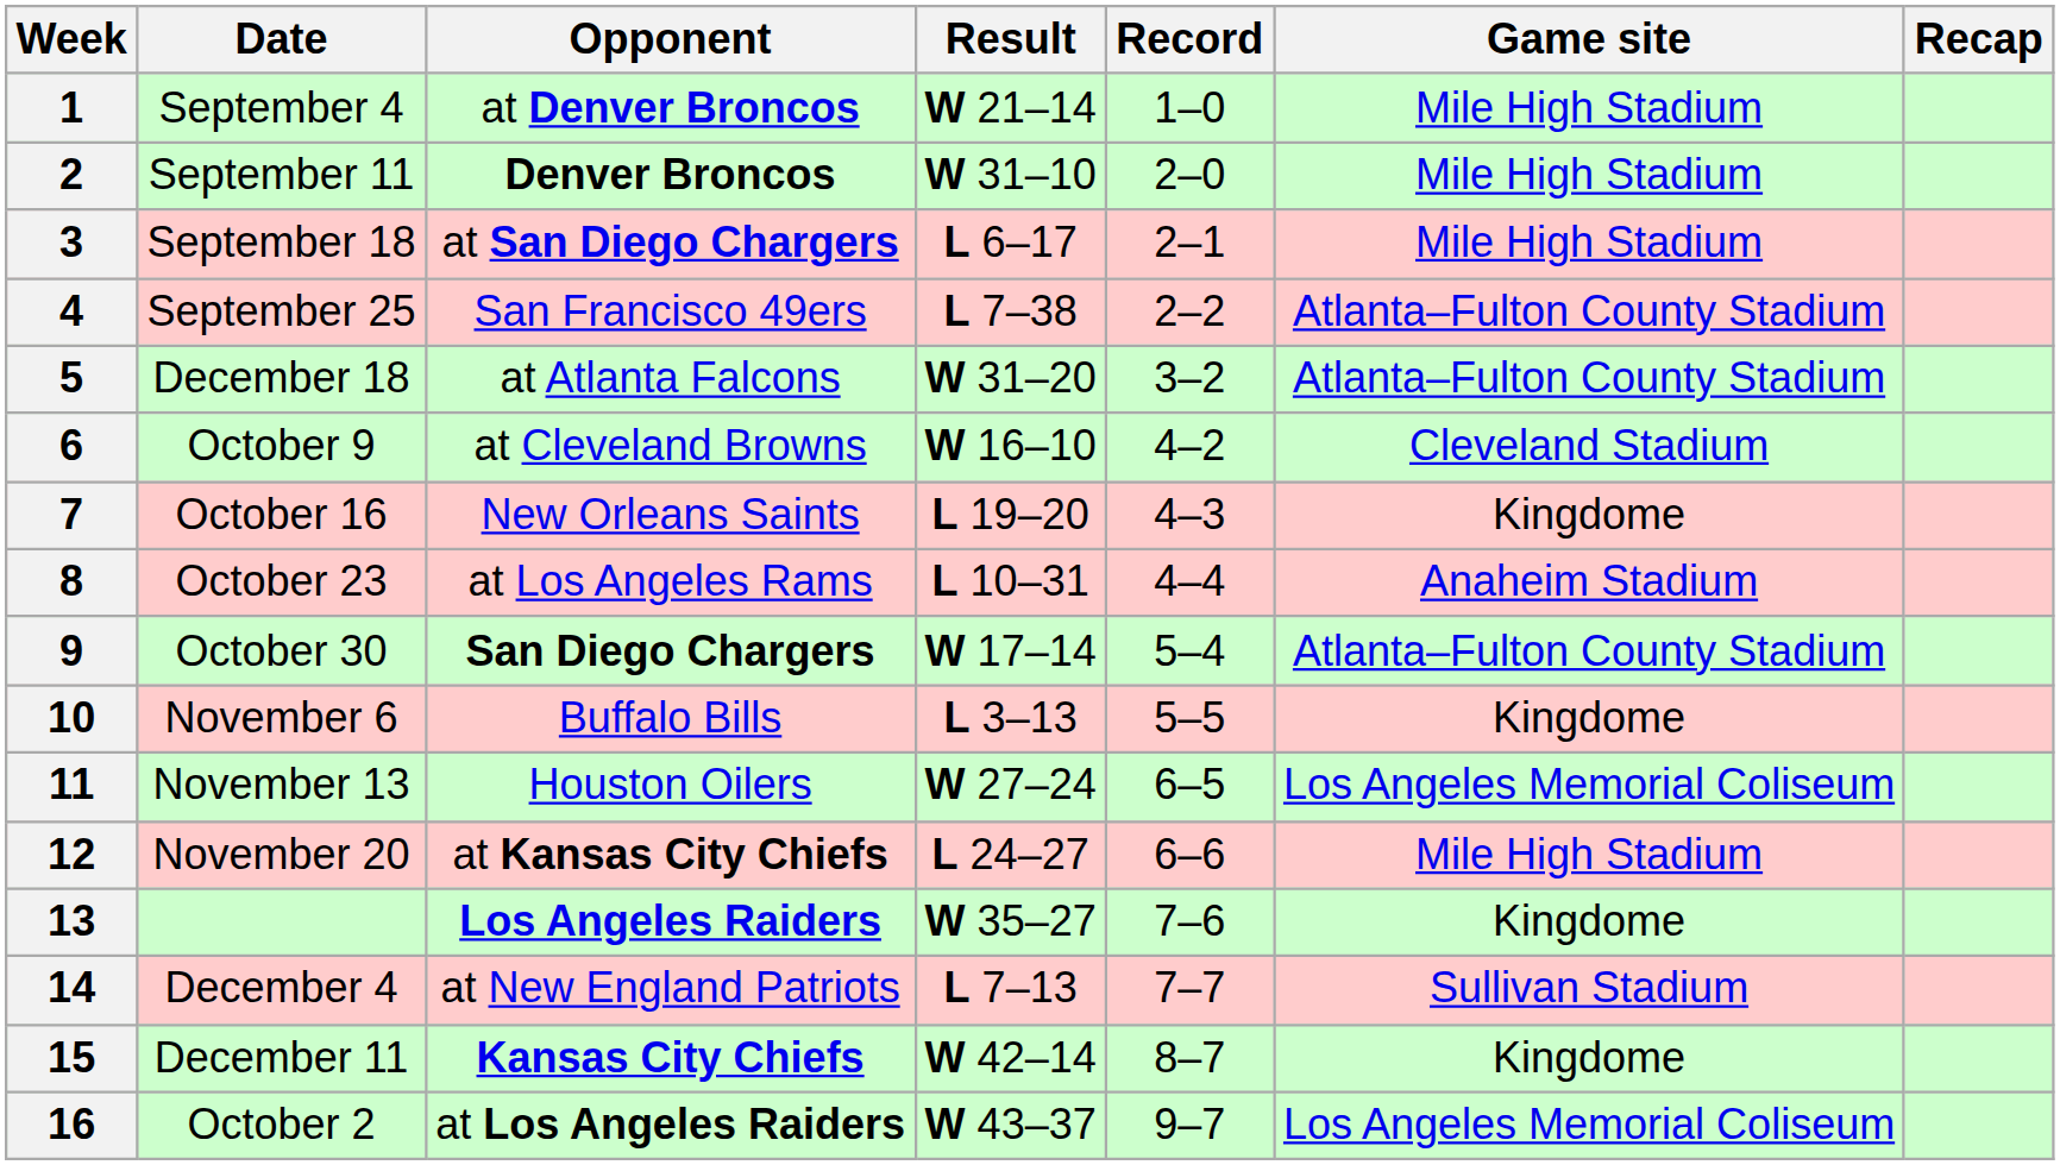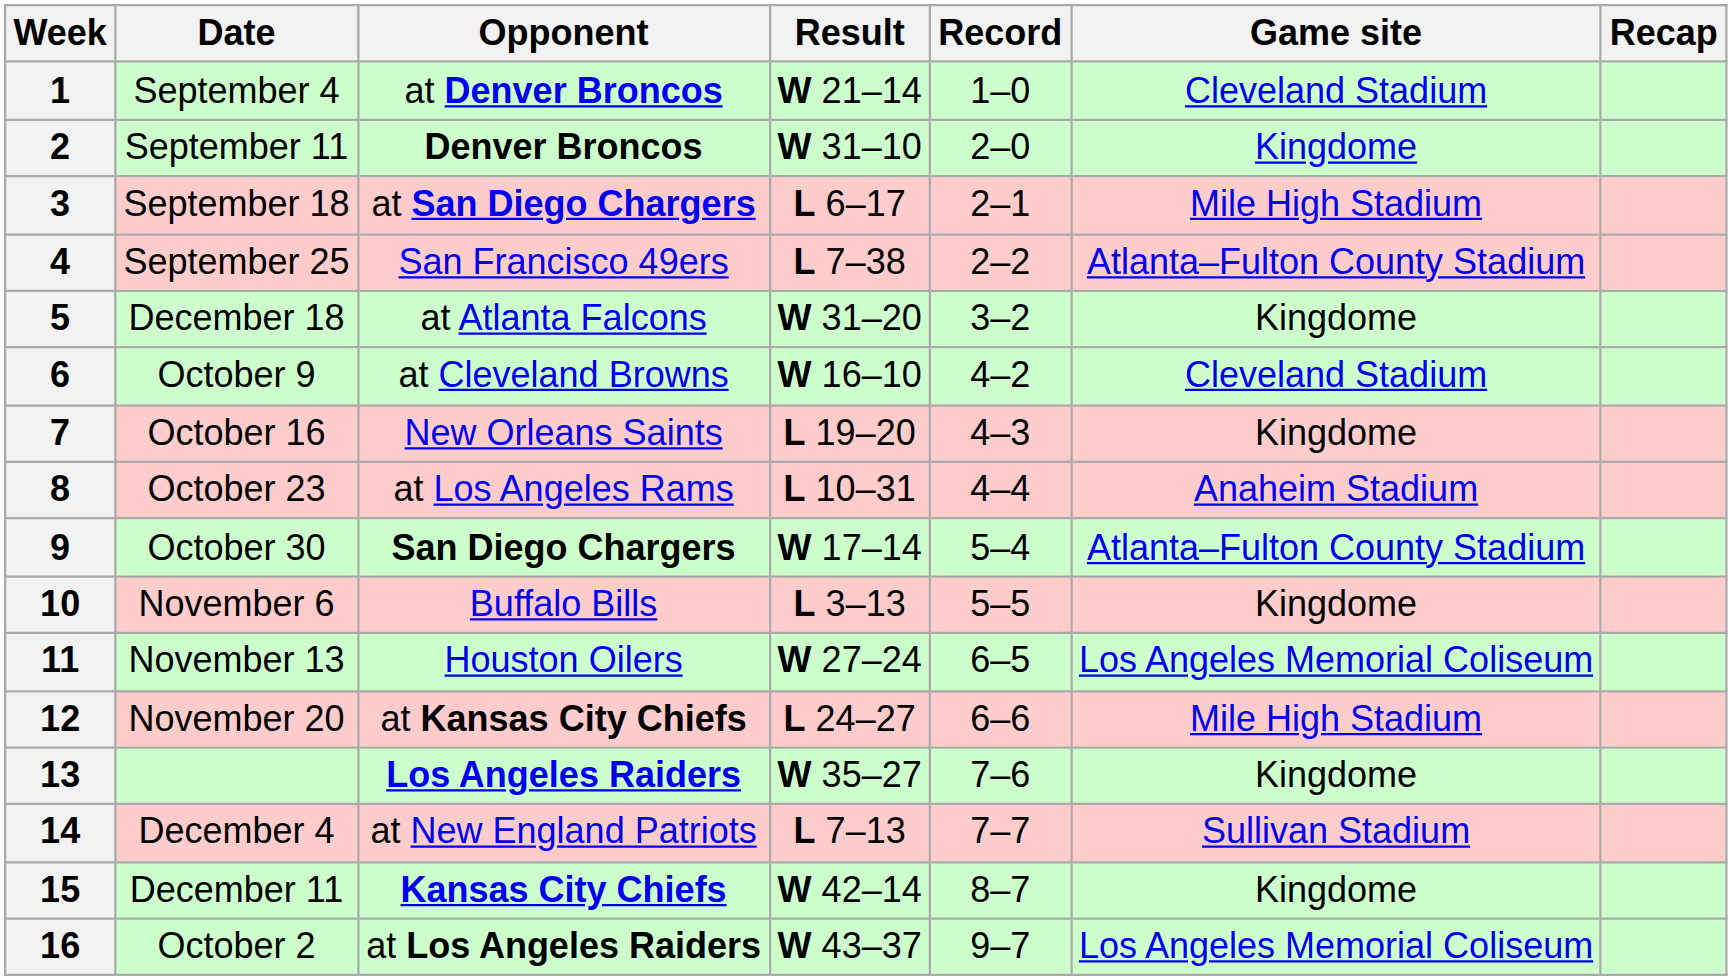 <table class="wikitable" style="text-align:center">
 <tr>
 <th>Week</th>
 <th>Date</th>
 <th>Opponent</th>
 <th>Result</th>
 <th>Record</th>
 <th>Game site</th>
 <th>Recap</th>
 </tr>
 <tr style="background:#cfc">
 <th>1</th>
 <td>September 4</td>
 <td>at <strong><a href='#'>Denver Broncos</a></strong></td>
 <td><strong>W</strong> 21–14</td>
 <td>1–0</td>
-<td><a href='#'>Mile High Stadium</a></td>
+<td><a href='#'>Cleveland Stadium</a></td>
 <td></td>
 </tr>
 <tr style="background:#cfc">
 <th>2</th>
 <td>September 11</td>
 <td><strong>Denver Broncos</strong></td>
 <td><strong>W</strong> 31–10</td>
 <td>2–0</td>
-<td><a href='#'>Mile High Stadium</a></td>
+<td><a href='#'>Kingdome</a></td>
 <td></td>
 </tr>
 <tr style="background:#fcc">
 <th>3</th>
 <td>September 18</td>
 <td>at <strong><a href='#'>San Diego Chargers</a></strong></td>
 <td><strong>L</strong> 6–17</td>
 <td>2–1</td>
 <td><a href='#'>Mile High Stadium</a></td>
 <td></td>
 </tr>
 <tr style="background:#fcc">
 <th>4</th>
 <td>September 25</td>
 <td><a href='#'>San Francisco 49ers</a></td>
 <td><strong>L</strong> 7–38</td>
 <td>2–2</td>
 <td><a href='#'>Atlanta–Fulton County Stadium</a></td>
 <td></td>
 </tr>
 <tr style="background:#cfc">
 <th>5</th>
 <td>December 18</td>
 <td>at <a href='#'>Atlanta Falcons</a></td>
 <td><strong>W</strong> 31–20</td>
 <td>3–2</td>
-<td><a href='#'>Atlanta–Fulton County Stadium</a></td>
+<td>Kingdome</td>
 <td></td>
 </tr>
 <tr style="background:#cfc">
 <th>6</th>
 <td>October 9</td>
 <td>at <a href='#'>Cleveland Browns</a></td>
 <td><strong>W</strong> 16–10</td>
 <td>4–2</td>
 <td><a href='#'>Cleveland Stadium</a></td>
 <td></td>
 </tr>
 <tr style="background:#fcc">
 <th>7</th>
 <td>October 16</td>
 <td><a href='#'>New Orleans Saints</a></td>
 <td><strong>L</strong> 19–20</td>
 <td>4–3</td>
 <td>Kingdome</td>
 <td></td>
 </tr>
 <tr style="background:#fcc">
 <th>8</th>
 <td>October 23</td>
 <td>at <a href='#'>Los Angeles Rams</a></td>
 <td><strong>L</strong> 10–31</td>
 <td>4–4</td>
 <td><a href='#'>Anaheim Stadium</a></td>
 <td></td>
 </tr>
 <tr style="background:#cfc">
 <th>9</th>
 <td>October 30</td>
 <td><strong>San Diego Chargers</strong></td>
 <td><strong>W</strong> 17–14</td>
 <td>5–4</td>
 <td><a href='#'>Atlanta–Fulton County Stadium</a></td>
 <td></td>
 </tr>
 <tr style="background:#fcc">
 <th>10</th>
 <td>November 6</td>
 <td><a href='#'>Buffalo Bills</a></td>
 <td><strong>L</strong> 3–13</td>
 <td>5–5</td>
 <td>Kingdome</td>
 <td></td>
 </tr>
 <tr style="background:#cfc">
 <th>11</th>
 <td>November 13</td>
 <td><a href='#'>Houston Oilers</a></td>
 <td><strong>W</strong> 27–24</td>
 <td>6–5</td>
 <td><a href='#'>Los Angeles Memorial Coliseum</a></td>
 <td></td>
 </tr>
 <tr style="background:#fcc">
 <th>12</th>
 <td>November 20</td>
 <td>at <strong>Kansas City Chiefs</strong></td>
 <td><strong>L</strong> 24–27</td>
 <td>6–6</td>
 <td><a href='#'>Mile High Stadium</a></td>
 <td></td>
 </tr>
 <tr style="background:#cfc">
 <th>13</th>
 <td></td>
 <td><strong><a href='#'>Los Angeles Raiders</a></strong></td>
 <td><strong>W</strong> 35–27</td>
 <td>7–6</td>
 <td>Kingdome</td>
 <td></td>
 </tr>
 <tr style="background:#fcc">
 <th>14</th>
 <td>December 4</td>
 <td>at <a href='#'>New England Patriots</a></td>
 <td><strong>L</strong> 7–13</td>
 <td>7–7</td>
 <td><a href='#'>Sullivan Stadium</a></td>
 <td></td>
 </tr>
 <tr style="background:#cfc">
 <th>15</th>
 <td>December 11</td>
 <td><strong><a href='#'>Kansas City Chiefs</a></strong></td>
 <td><strong>W</strong> 42–14</td>
 <td>8–7</td>
 <td>Kingdome</td>
 <td></td>
 </tr>
 <tr style="background:#cfc">
 <th>16</th>
 <td>October 2</td>
 <td>at <strong>Los Angeles Raiders</strong></td>
 <td><strong>W</strong> 43–37</td>
 <td>9–7</td>
 <td><a href='#'>Los Angeles Memorial Coliseum</a></td>
 <td></td>
 </tr>
 </table>
